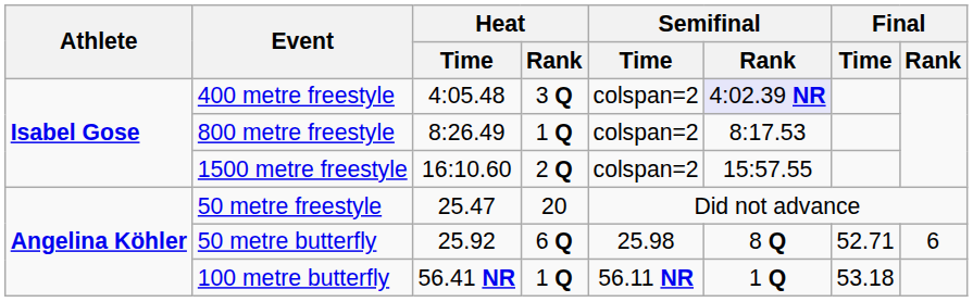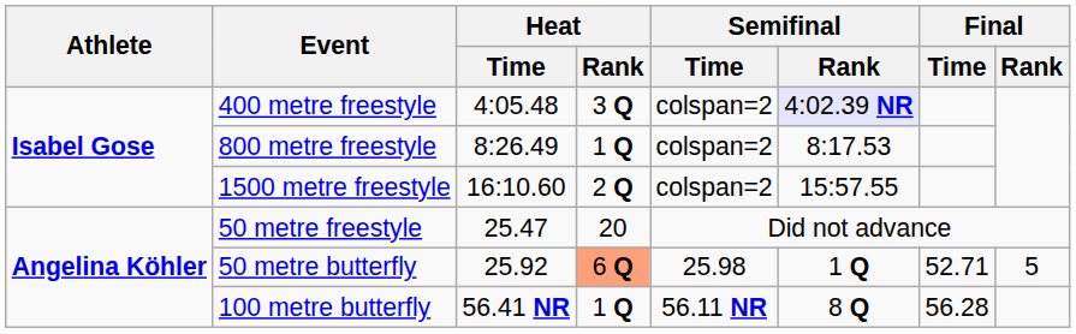 <table class="wikitable" style="font-size:90%;">
 <tr>
 <th rowspan="2">Athlete</th>
 <th rowspan="2">Event</th>
 <th colspan="2">Heat</th>
 <th colspan="2">Semifinal</th>
 <th colspan="2">Final</th>
 </tr>
 <tr>
 <th>Time</th>
 <th>Rank</th>
 <th>Time</th>
 <th>Rank</th>
 <th>Time</th>
 <th>Rank</th>
 </tr>
 <tr align=center>
 <td align=left rowspan=3><strong><a href='#'>Isabel Gose</a></strong></td>
 <td align=left><a href='#'>400 metre freestyle</a></td>
 <td>4:05.48</td>
 <td>3 <strong>Q</strong></td>
 <td>colspan=2</td>
 <td style="background: lavender;">4:02.39 <strong><a href='#'>NR</a></strong></td>
 <td></td>
 </tr>
 <tr align=center>
 <td align=left><a href='#'>800 metre freestyle</a></td>
 <td>8:26.49</td>
 <td>1 <strong>Q</strong></td>
 <td>colspan=2</td>
 <td>8:17.53</td>
 <td></td>
 </tr>
 <tr align=center>
 <td align=left><a href='#'>1500 metre freestyle</a></td>
 <td>16:10.60</td>
 <td>2 <strong>Q</strong></td>
 <td>colspan=2</td>
 <td>15:57.55</td>
 <td></td>
 </tr>
 <tr align=center>
 <td align=left rowspan=3><strong><a href='#'>Angelina Köhler</a></strong></td>
 <td align=left><a href='#'>50 metre freestyle</a></td>
 <td>25.47</td>
 <td>20</td>
 <td colspan=4>Did not advance</td>
 </tr>
 <tr align=center>
 <td align=left><a href='#'>50 metre butterfly</a></td>
 <td>25.92</td>
-<td>6 <strong>Q</strong></td>
+<td style="background: lightsalmon;">6 <strong>Q</strong></td>
 <td>25.98</td>
-<td>8 <strong>Q</strong></td>
+<td>1 <strong>Q</strong></td>
 <td>52.71</td>
-<td>6</td>
+<td>5</td>
 </tr>
 <tr align=center>
 <td align=left><a href='#'>100 metre butterfly</a></td>
 <td>56.41 <strong><a href='#'>NR</a></strong></td>
 <td>1 <strong>Q</strong></td>
 <td>56.11 <strong><a href='#'>NR</a></strong></td>
-<td>1 <strong>Q</strong></td>
-<td>53.18</td>
+<td>8 <strong>Q</strong></td>
+<td>56.28</td>
 <td></td>
 </tr>
 </table>
